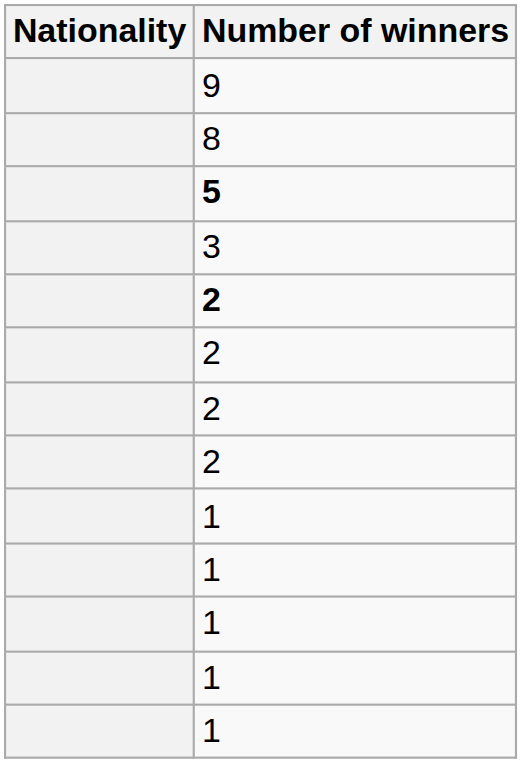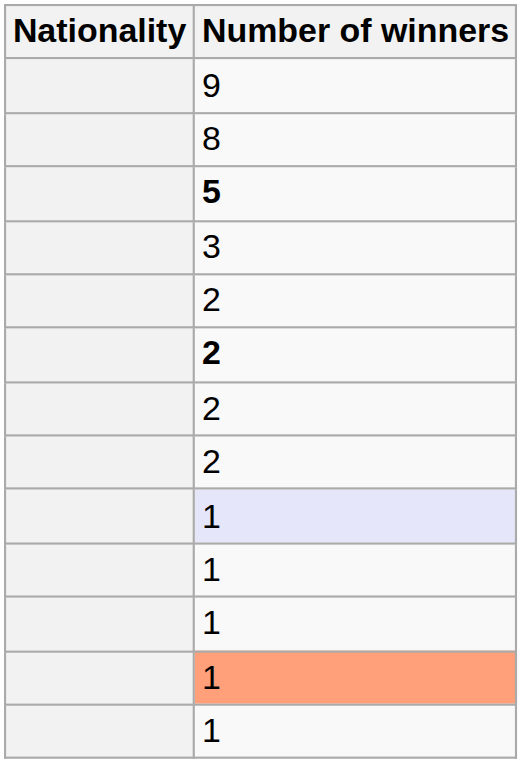 <table class="wikitable plainrowheaders">
 <tr>
 <th scope="col">Nationality</th>
 <th scope="col">Number of winners</th>
 </tr>
 <tr>
 <th scope="row"></th>
 <td>9</td>
 </tr>
 <tr>
 <th scope="row"></th>
 <td>8</td>
 </tr>
 <tr>
 <th scope="row"></th>
 <td><strong>5</strong></td>
 </tr>
 <tr>
 <th scope="row"></th>
 <td>3</td>
 </tr>
 <tr>
 <th scope="row"></th>
+<td>2</td>
+</tr>
+<tr>
+<th scope="row"></th>
 <td><strong>2</strong></td>
 </tr>
 <tr>
 <th scope="row"></th>
 <td>2</td>
 </tr>
 <tr>
 <th scope="row"></th>
 <td>2</td>
 </tr>
 <tr>
 <th scope="row"></th>
-<td>2</td>
+<td style="background: lavender;">1</td>
 </tr>
 <tr>
 <th scope="row"></th>
 <td>1</td>
 </tr>
 <tr>
 <th scope="row"></th>
 <td>1</td>
 </tr>
 <tr>
 <th scope="row"></th>
-<td>1</td>
-</tr>
-<tr>
-<th scope="row"></th>
-<td>1</td>
+<td style="background: lightsalmon;">1</td>
 </tr>
 <tr>
 <th scope="row"></th>
 <td>1</td>
 </tr>
 </table>
